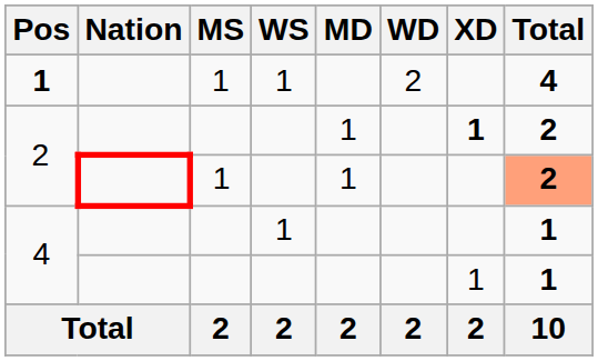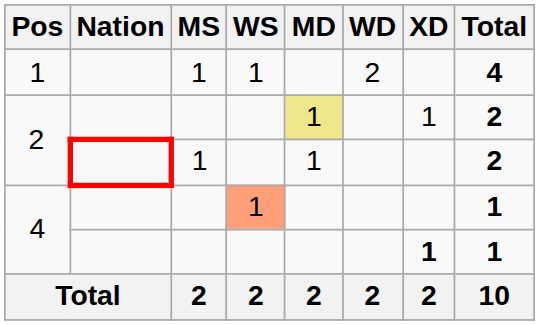 <table class="wikitable" style="text-align:center">
 <tr>
 <th>Pos</th>
 <th>Nation</th>
 <th>MS</th>
 <th>WS</th>
 <th>MD</th>
 <th>WD</th>
 <th>XD</th>
 <th>Total</th>
 </tr>
 <tr>
-<td><strong>1</strong></td>
+<td>1</td>
 <td align="left"></td>
 <td>1</td>
 <td>1</td>
 <td></td>
 <td>2</td>
 <td></td>
 <td><strong>4</strong></td>
 </tr>
 <tr>
 <td rowspan="2">2</td>
 <td align="left"></td>
 <td></td>
 <td></td>
+<td style="background: khaki;">1</td>
+<td></td>
 <td>1</td>
-<td></td>
-<td><strong>1</strong></td>
 <td><strong>2</strong></td>
 </tr>
 <tr>
 <td align="left" style="border: 3px solid red"><strong></strong></td>
 <td>1</td>
 <td></td>
 <td>1</td>
 <td></td>
 <td></td>
-<td style="background: lightsalmon;"><strong>2</strong></td>
+<td><strong>2</strong></td>
 </tr>
 <tr>
 <td rowspan="2">4</td>
 <td align="left"></td>
 <td></td>
-<td>1</td>
+<td style="background: lightsalmon;">1</td>
 <td></td>
 <td></td>
 <td></td>
 <td><strong>1</strong></td>
 </tr>
 <tr>
 <td align="left"></td>
 <td></td>
 <td></td>
 <td></td>
 <td></td>
-<td>1</td>
+<td><strong>1</strong></td>
 <td><strong>1</strong></td>
 </tr>
 <tr>
 <th colspan="2">Total</th>
 <th>2</th>
 <th>2</th>
 <th>2</th>
 <th>2</th>
 <th>2</th>
 <th>10</th>
 </tr>
 </table>
